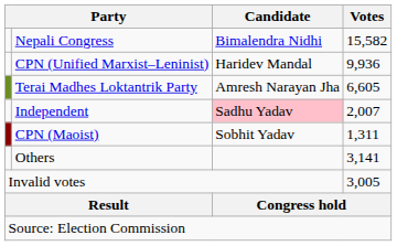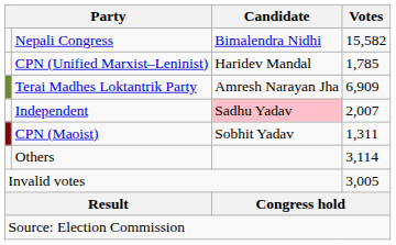 <table class="wikitable">
 <tr>
 <th colspan="2">Party</th>
 <th>Candidate</th>
 <th>Votes</th>
 </tr>
 <tr>
 <td style="background-color:"></td>
 <td><a href='#'>Nepali Congress</a></td>
 <td><a href='#'>Bimalendra Nidhi</a></td>
 <td>15,582</td>
 </tr>
 <tr>
 <td style="background-color:"></td>
 <td><a href='#'>CPN (Unified Marxist–Leninist)</a></td>
 <td>Haridev Mandal</td>
-<td>9,936</td>
+<td>1,785</td>
 </tr>
 <tr>
 <td style="background-color:olivedrab"></td>
 <td><a href='#'>Terai Madhes Loktantrik Party</a></td>
 <td>Amresh Narayan Jha</td>
-<td>6,605</td>
+<td>6,909</td>
 </tr>
 <tr>
 <td style="background-color:"></td>
 <td><a href='#'>Independent</a></td>
 <td style="background: pink;">Sadhu Yadav</td>
 <td>2,007</td>
 </tr>
 <tr>
 <td style="background-color:darkred"></td>
 <td><a href='#'>CPN (Maoist)</a></td>
 <td>Sobhit Yadav</td>
 <td>1,311</td>
 </tr>
 <tr>
 <td></td>
 <td>Others</td>
 <td></td>
-<td>3,141</td>
+<td>3,114</td>
 </tr>
 <tr>
 <td colspan="3">Invalid votes</td>
 <td>3,005</td>
 </tr>
 <tr>
 <th colspan="2">Result</th>
 <th colspan="2">Congress hold</th>
 </tr>
 <tr>
 <td colspan="4">Source: Election Commission</td>
 </tr>
 </table>
